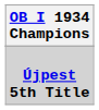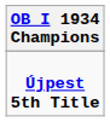 <table class="wikitable" style="text-align: center; margin: 0 auto;">
 <tr>
 <th><a href='#'>OB I</a> 1934<br>Champions</th>
 </tr>
 <tr>
 </tr>
 <tr>
-<td style="background: lightgrey;"> <br><strong><a href='#'>Újpest</a></strong><br><strong>5th Title</strong></td>
+<td> <br><strong><a href='#'>Újpest</a></strong><br><strong>5th Title</strong></td>
 </tr>
 </table>
